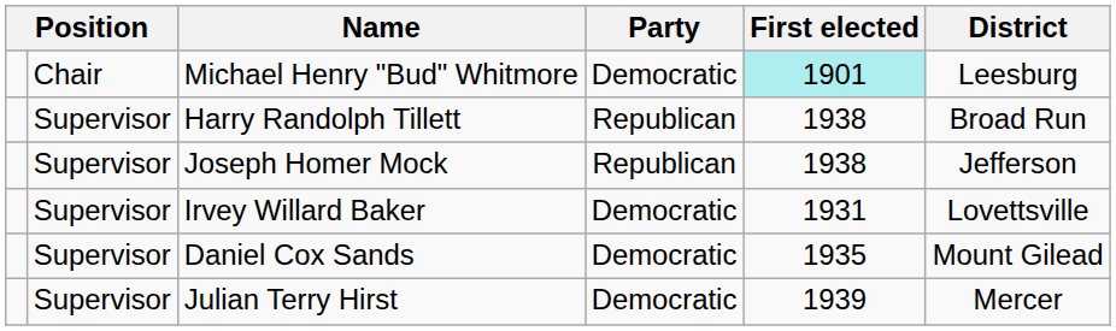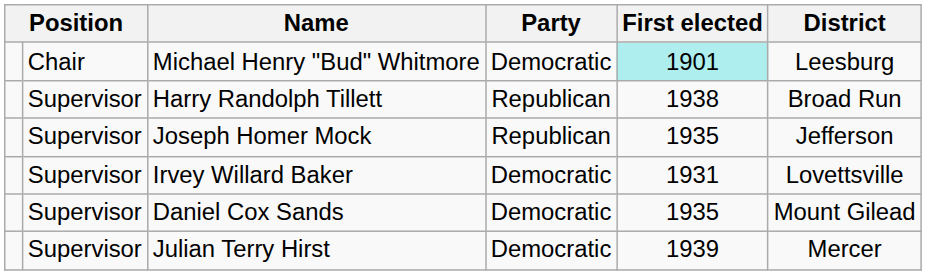 <table class="wikitable">
 <tr>
 <th colspan="2">Position</th>
 <th>Name</th>
 <th>Party</th>
 <th>First elected</th>
 <th>District</th>
 </tr>
 <tr>
 <td style="background-color:"> </td>
 <td>Chair</td>
 <td>Michael Henry "Bud" Whitmore</td>
 <td style="text-align:center;">Democratic</td>
 <td style="background: paleturquoise; text-align:center;">1901</td>
 <td style="text-align:center;">Leesburg</td>
 </tr>
 <tr>
 <td style="background-color:"> </td>
 <td>Supervisor</td>
 <td>Harry Randolph Tillett</td>
 <td style="text-align:center;">Republican</td>
 <td style="text-align:center;">1938</td>
 <td style="text-align:center;">Broad Run</td>
 </tr>
 <tr>
 <td style="background-color:"> </td>
 <td>Supervisor</td>
 <td>Joseph Homer Mock</td>
 <td style="text-align:center;">Republican</td>
-<td style="text-align:center;">1938</td>
+<td style="text-align:center;">1935</td>
 <td style="text-align:center;">Jefferson</td>
 </tr>
 <tr>
 <td style="background-color:"> </td>
 <td>Supervisor</td>
 <td>Irvey Willard Baker</td>
 <td style="text-align:center;">Democratic</td>
 <td style="text-align:center;">1931</td>
 <td style="text-align:center;">Lovettsville</td>
 </tr>
 <tr>
 <td style="background-color:"> </td>
 <td>Supervisor</td>
 <td>Daniel Cox Sands</td>
 <td style="text-align:center;">Democratic</td>
 <td style="text-align:center;">1935</td>
 <td style="text-align:center;">Mount Gilead</td>
 </tr>
 <tr>
 <td style="background-color:"> </td>
 <td>Supervisor</td>
 <td>Julian Terry Hirst</td>
 <td style="text-align:center;">Democratic</td>
 <td style="text-align:center;">1939</td>
 <td style="text-align:center;">Mercer</td>
 </tr>
 </table>
